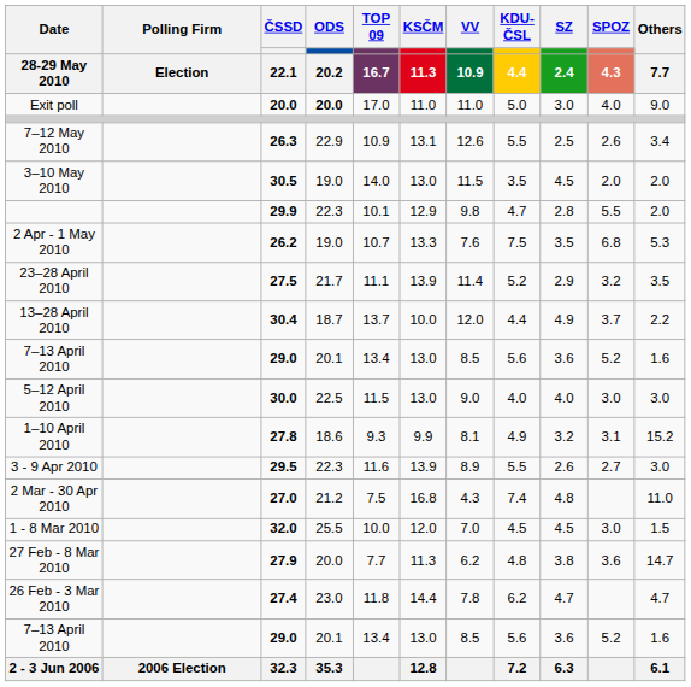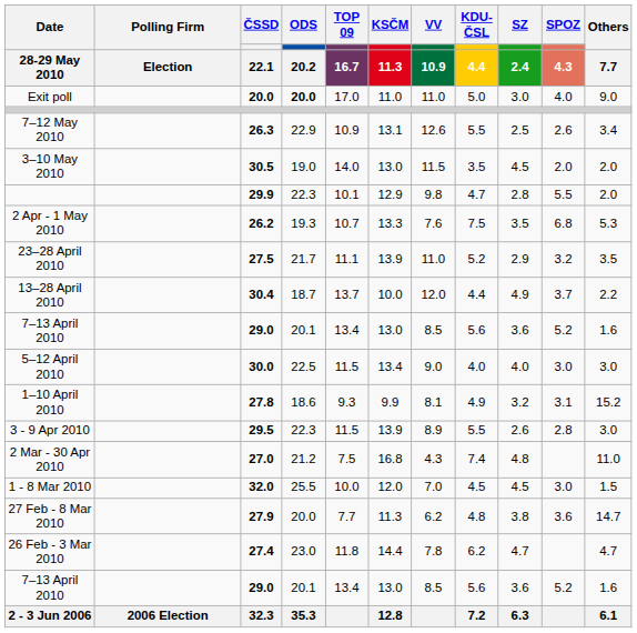 <table class="wikitable" style="text-align:center; font-size:85%; line-height:16px;">
 <tr style="height:42px;">
 <th style="width:90px;" rowspan="2">Date</th>
 <th style="width:150px;" rowspan="2">Polling Firm</th>
 <th><a href='#'><span>ČSSD</span></a></th>
 <th><a href='#'><span>ODS</span></a></th>
 <th><a href='#'><span>TOP 09</span></a></th>
 <th><a href='#'><span>KSČM</span></a></th>
 <th><a href='#'><span>VV</span></a></th>
 <th><a href='#'><span>KDU-ČSL</span></a></th>
 <th><a href='#'><span>SZ</span></a></th>
 <th><a href='#'><span>SPOZ</span></a></th>
 <th style="width:40px;" rowspan="2">Others</th>
 </tr>
 <tr>
 <th class="unsortable" style="color:inherit;background:"></th>
 <th style="color:inherit;background:#034EA2; width:40px;"></th>
 <th style="color:inherit;background:#6b3362; width:40px;"></th>
 <th style="color:inherit;background:#E00219; width:40px;"></th>
 <th style="color:inherit;background:#00703C; width:40px;"></th>
 <th style="color:inherit;background:#FFCB03; width:40px;"></th>
 <th style="color:inherit;background:#179E1E; width:40px;"></th>
 <th style="color:inherit;background:#E2725B; width:40px;"></th>
 </tr>
 <tr>
 <th><strong>28-29 May 2010</strong></th>
 <th><strong>Election</strong></th>
 <th style="background:"><strong>22.1</strong></th>
 <th style="background:">20.2</th>
 <th style="background:#6b3362; width:40px;color:white;">16.7</th>
 <th style="background:#E00219; width:40px;color:white;">11.3</th>
 <th style="background:#00703C; width:40px;color:white;">10.9</th>
 <th style="background:#FFCB03; width:40px;color:white;">4.4</th>
 <th style="background:#179E1E; width:40px;color:white;">2.4</th>
 <th style="background:#E2725B; width:40px;color:white;">4.3</th>
 <th>7.7</th>
 </tr>
 <tr>
 <td>Exit poll</td>
 <td></td>
 <td><strong>20.0</strong></td>
 <td><strong>20.0</strong></td>
 <td>17.0</td>
 <td>11.0</td>
 <td>11.0</td>
 <td>5.0</td>
 <td>3.0</td>
 <td>4.0</td>
 <td>9.0</td>
 </tr>
 <tr>
 <td style="background:#D0D0D0; color:black" colspan="18"></td>
 </tr>
 <tr>
 <td>7–12 May 2010</td>
 <td></td>
 <td><strong>26.3</strong></td>
 <td>22.9</td>
 <td>10.9</td>
 <td>13.1</td>
 <td>12.6</td>
 <td>5.5</td>
 <td>2.5</td>
 <td>2.6</td>
 <td>3.4</td>
 </tr>
 <tr>
 <td>3–10 May 2010</td>
 <td></td>
 <td><strong>30.5</strong></td>
 <td>19.0</td>
 <td>14.0</td>
 <td>13.0</td>
 <td>11.5</td>
 <td>3.5</td>
 <td>4.5</td>
 <td>2.0</td>
 <td>2.0</td>
 </tr>
 <tr>
 <td></td>
 <td></td>
 <td><strong>29.9</strong></td>
 <td>22.3</td>
 <td>10.1</td>
 <td>12.9</td>
 <td>9.8</td>
 <td>4.7</td>
 <td>2.8</td>
 <td>5.5</td>
 <td>2.0</td>
 </tr>
 <tr>
 <td>2 Apr - 1 May 2010</td>
 <td></td>
 <td><strong>26.2</strong></td>
-<td>19.0</td>
+<td>19.3</td>
 <td>10.7</td>
 <td>13.3</td>
 <td>7.6</td>
 <td>7.5</td>
 <td>3.5</td>
 <td>6.8</td>
 <td>5.3</td>
 </tr>
 <tr>
 <td>23–28 April 2010</td>
 <td></td>
 <td><strong>27.5</strong></td>
 <td>21.7</td>
 <td>11.1</td>
 <td>13.9</td>
-<td>11.4</td>
+<td>11.0</td>
 <td>5.2</td>
 <td>2.9</td>
 <td>3.2</td>
 <td>3.5</td>
 </tr>
 <tr>
 <td>13–28 April 2010</td>
 <td></td>
 <td><strong>30.4</strong></td>
 <td>18.7</td>
 <td>13.7</td>
 <td>10.0</td>
 <td>12.0</td>
 <td>4.4</td>
 <td>4.9</td>
 <td>3.7</td>
 <td>2.2</td>
 </tr>
 <tr>
 <td>7–13 April 2010</td>
 <td></td>
 <td><strong>29.0</strong></td>
 <td>20.1</td>
 <td>13.4</td>
 <td>13.0</td>
 <td>8.5</td>
 <td>5.6</td>
 <td>3.6</td>
 <td>5.2</td>
 <td>1.6</td>
 </tr>
 <tr>
 <td>5–12 April 2010</td>
 <td></td>
 <td><strong>30.0</strong></td>
 <td>22.5</td>
 <td>11.5</td>
-<td>13.0</td>
+<td>13.4</td>
 <td>9.0</td>
 <td>4.0</td>
 <td>4.0</td>
 <td>3.0</td>
 <td>3.0</td>
 </tr>
 <tr>
 <td>1–10 April 2010</td>
 <td></td>
 <td><strong>27.8</strong></td>
 <td>18.6</td>
 <td>9.3</td>
 <td>9.9</td>
 <td>8.1</td>
 <td>4.9</td>
 <td>3.2</td>
 <td>3.1</td>
 <td>15.2</td>
 </tr>
 <tr>
 <td>3 - 9 Apr 2010</td>
 <td></td>
 <td><strong>29.5</strong></td>
 <td>22.3</td>
-<td>11.6</td>
+<td>11.5</td>
 <td>13.9</td>
 <td>8.9</td>
 <td>5.5</td>
 <td>2.6</td>
-<td>2.7</td>
+<td>2.8</td>
 <td>3.0</td>
 </tr>
 <tr>
 <td>2 Mar - 30 Apr 2010</td>
 <td></td>
 <td><strong>27.0</strong></td>
 <td>21.2</td>
 <td>7.5</td>
 <td>16.8</td>
 <td>4.3</td>
 <td>7.4</td>
 <td>4.8</td>
 <td></td>
 <td>11.0</td>
 </tr>
 <tr>
 <td>1 - 8 Mar 2010</td>
 <td></td>
 <td><strong>32.0</strong></td>
 <td>25.5</td>
 <td>10.0</td>
 <td>12.0</td>
 <td>7.0</td>
 <td>4.5</td>
 <td>4.5</td>
 <td>3.0</td>
 <td>1.5</td>
 </tr>
 <tr>
 <td>27 Feb - 8 Mar 2010</td>
 <td></td>
 <td><strong>27.9</strong></td>
 <td>20.0</td>
 <td>7.7</td>
 <td>11.3</td>
 <td>6.2</td>
 <td>4.8</td>
 <td>3.8</td>
 <td>3.6</td>
 <td>14.7</td>
 </tr>
 <tr>
 <td>26 Feb - 3 Mar 2010</td>
 <td></td>
 <td><strong>27.4</strong></td>
 <td>23.0</td>
 <td>11.8</td>
 <td>14.4</td>
 <td>7.8</td>
 <td>6.2</td>
 <td>4.7</td>
 <td></td>
 <td>4.7</td>
 </tr>
 <tr>
 <td>7–13 April 2010</td>
 <td></td>
 <td><strong>29.0</strong></td>
 <td>20.1</td>
 <td>13.4</td>
 <td>13.0</td>
 <td>8.5</td>
 <td>5.6</td>
 <td>3.6</td>
 <td>5.2</td>
 <td>1.6</td>
 </tr>
 <tr>
 <th>2 - 3 Jun 2006</th>
 <th>2006 Election</th>
 <th>32.3</th>
 <th><strong>35.3</strong></th>
 <th></th>
 <th>12.8</th>
 <th></th>
 <th>7.2</th>
 <th>6.3</th>
 <th></th>
 <th>6.1</th>
 </tr>
 </table>
